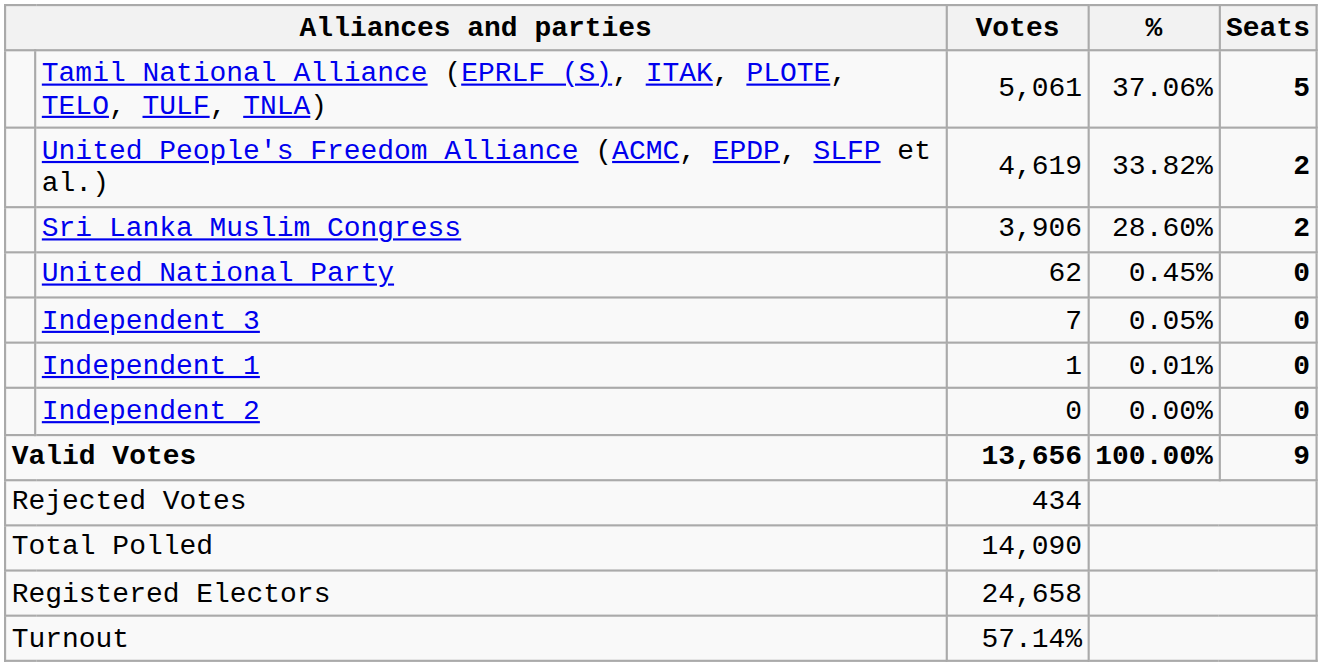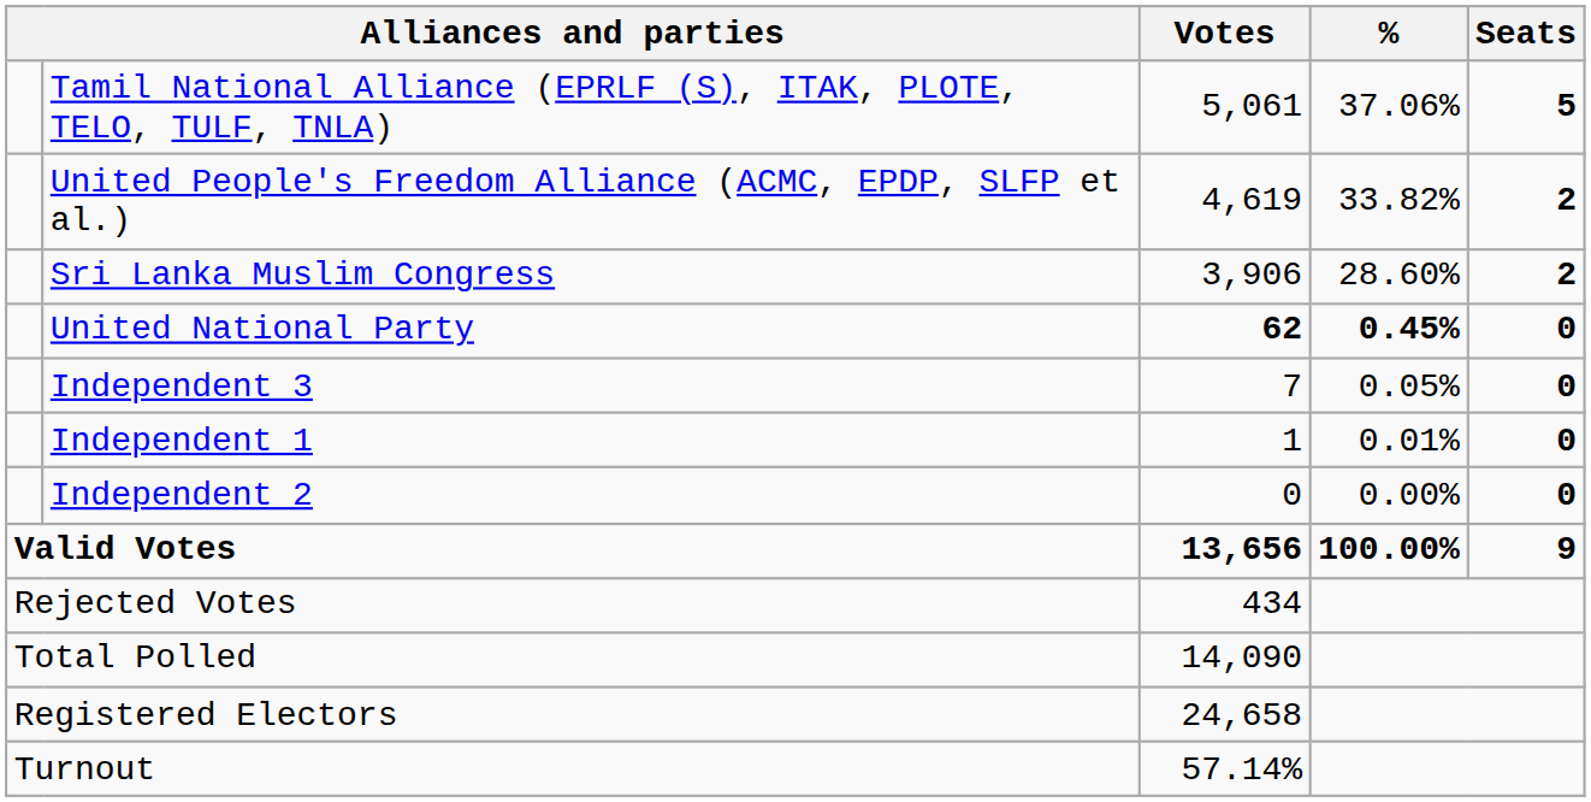 <table class="wikitable" border="1" style="text-align:right;">
 <tr>
 <th valign=bottom align=left colspan=2>Alliances and parties</th>
 <th valign=bottom align=center width="60">Votes</th>
 <th valign=bottom align=center width="50">%</th>
 <th valign=bottom align=center>Seats</th>
 </tr>
 <tr>
 <td bgcolor=> </td>
 <td align=left><a href='#'>Tamil National Alliance</a> (<a href='#'>EPRLF (S)</a>, <a href='#'>ITAK</a>, <a href='#'>PLOTE</a>, <a href='#'>TELO</a>, <a href='#'>TULF</a>, <a href='#'>TNLA</a>)</td>
 <td>5,061</td>
 <td>37.06%</td>
 <td><strong>5</strong></td>
 </tr>
 <tr>
 <td bgcolor=> </td>
 <td align=left><a href='#'>United People's Freedom Alliance</a> (<a href='#'>ACMC</a>, <a href='#'>EPDP</a>, <a href='#'>SLFP</a> et al.)</td>
 <td>4,619</td>
 <td>33.82%</td>
 <td><strong>2</strong></td>
 </tr>
 <tr>
 <td bgcolor=> </td>
 <td align=left><a href='#'>Sri Lanka Muslim Congress</a></td>
 <td>3,906</td>
 <td>28.60%</td>
 <td><strong>2</strong></td>
 </tr>
 <tr>
 <td bgcolor=> </td>
 <td align=left><a href='#'>United National Party</a></td>
-<td>62</td>
-<td>0.45%</td>
+<td><strong>62</strong></td>
+<td><strong>0.45%</strong></td>
 <td><strong>0</strong></td>
 </tr>
 <tr>
 <td></td>
 <td align=left><a href='#'>Independent 3</a></td>
 <td>7</td>
 <td>0.05%</td>
 <td><strong>0</strong></td>
 </tr>
 <tr>
 <td></td>
 <td align=left><a href='#'>Independent 1</a></td>
 <td>1</td>
 <td>0.01%</td>
 <td><strong>0</strong></td>
 </tr>
 <tr>
 <td></td>
 <td align=left><a href='#'>Independent 2</a></td>
 <td>0</td>
 <td>0.00%</td>
 <td><strong>0</strong></td>
 </tr>
 <tr>
 <td colspan=2 align=left><strong>Valid Votes</strong></td>
 <td><strong>13,656</strong></td>
 <td><strong>100.00%</strong></td>
 <td><strong>9</strong></td>
 </tr>
 <tr>
 <td colspan=2 align=left>Rejected Votes</td>
 <td>434</td>
 <td colspan=2></td>
 </tr>
 <tr>
 <td colspan=2 align=left>Total Polled</td>
 <td>14,090</td>
 <td colspan=2></td>
 </tr>
 <tr>
 <td colspan=2 align=left>Registered Electors</td>
 <td>24,658</td>
 <td colspan=2></td>
 </tr>
 <tr>
 <td colspan=2 align=left>Turnout</td>
 <td>57.14%</td>
 <td colspan=2></td>
 </tr>
 </table>
